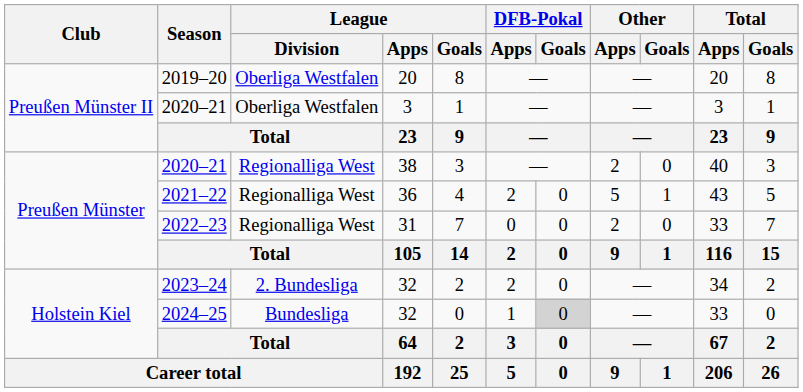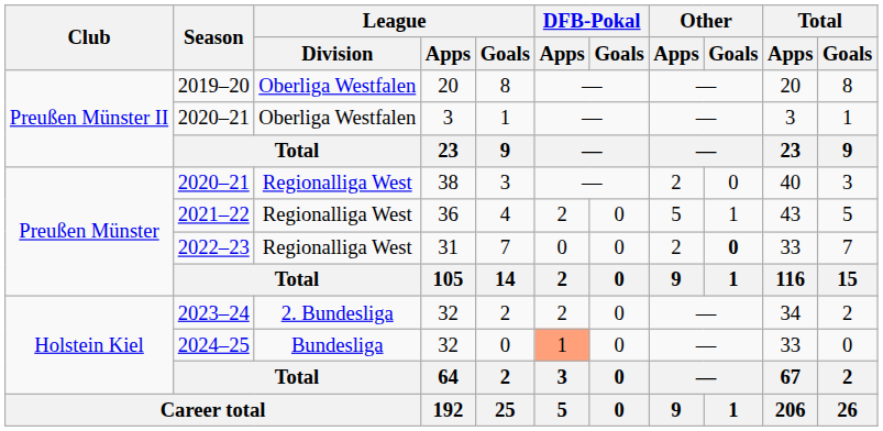 <table class="wikitable nowrap" style="text-align:center">
 <tr>
 <th rowspan="2">Club</th>
 <th rowspan="2">Season</th>
 <th colspan="3">League</th>
 <th colspan="2"><a href='#'>DFB-Pokal</a></th>
 <th colspan="2">Other</th>
 <th colspan="2">Total</th>
 </tr>
 <tr>
 <th>Division</th>
 <th>Apps</th>
 <th>Goals</th>
 <th>Apps</th>
 <th>Goals</th>
 <th>Apps</th>
 <th>Goals</th>
 <th>Apps</th>
 <th>Goals</th>
 </tr>
 <tr>
 <td rowspan="3"><a href='#'>Preußen Münster II</a></td>
 <td>2019–20</td>
 <td><a href='#'>Oberliga Westfalen</a></td>
 <td>20</td>
 <td>8</td>
 <td colspan="2">—</td>
 <td colspan="2">—</td>
 <td>20</td>
 <td>8</td>
 </tr>
 <tr>
 <td>2020–21</td>
 <td>Oberliga Westfalen</td>
 <td>3</td>
 <td>1</td>
 <td colspan="2">—</td>
 <td colspan="2">—</td>
 <td>3</td>
 <td>1</td>
 </tr>
 <tr>
 <th colspan="2">Total</th>
 <th>23</th>
 <th>9</th>
 <th colspan="2">—</th>
 <th colspan="2">—</th>
 <th>23</th>
 <th>9</th>
 </tr>
 <tr>
 <td rowspan="4"><a href='#'>Preußen Münster</a></td>
 <td><a href='#'>2020–21</a></td>
 <td><a href='#'>Regionalliga West</a></td>
 <td>38</td>
 <td>3</td>
 <td colspan="2">—</td>
 <td>2</td>
 <td>0</td>
 <td>40</td>
 <td>3</td>
 </tr>
 <tr>
 <td><a href='#'>2021–22</a></td>
 <td>Regionalliga West</td>
 <td>36</td>
 <td>4</td>
 <td>2</td>
 <td>0</td>
 <td>5</td>
 <td>1</td>
 <td>43</td>
 <td>5</td>
 </tr>
 <tr>
 <td><a href='#'>2022–23</a></td>
 <td>Regionalliga West</td>
 <td>31</td>
 <td>7</td>
 <td>0</td>
 <td>0</td>
 <td>2</td>
-<td>0</td>
+<td><strong>0</strong></td>
 <td>33</td>
 <td>7</td>
 </tr>
 <tr>
 <th colspan="2">Total</th>
 <th>105</th>
 <th>14</th>
 <th>2</th>
 <th>0</th>
 <th>9</th>
 <th>1</th>
 <th>116</th>
 <th>15</th>
 </tr>
 <tr>
 <td rowspan="3"><a href='#'>Holstein Kiel</a></td>
 <td><a href='#'>2023–24</a></td>
 <td><a href='#'>2. Bundesliga</a></td>
 <td>32</td>
 <td>2</td>
 <td>2</td>
 <td>0</td>
 <td colspan="2">—</td>
 <td>34</td>
 <td>2</td>
 </tr>
 <tr>
 <td><a href='#'>2024–25</a></td>
 <td><a href='#'>Bundesliga</a></td>
 <td>32</td>
 <td>0</td>
-<td>1</td>
-<td style="background: lightgrey;">0</td>
+<td style="background: lightsalmon;">1</td>
+<td>0</td>
 <td colspan="2">—</td>
 <td>33</td>
 <td>0</td>
 </tr>
 <tr>
 <th colspan="2">Total</th>
 <th>64</th>
 <th>2</th>
 <th>3</th>
 <th>0</th>
 <th colspan="2">—</th>
 <th>67</th>
 <th>2</th>
 </tr>
 <tr>
 <th colspan="3">Career total</th>
 <th>192</th>
 <th>25</th>
 <th>5</th>
 <th>0</th>
 <th>9</th>
 <th>1</th>
 <th>206</th>
 <th>26</th>
 </tr>
 </table>
